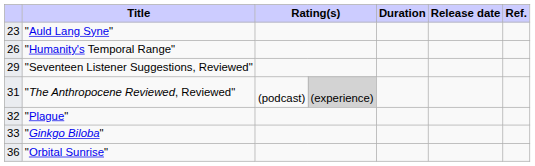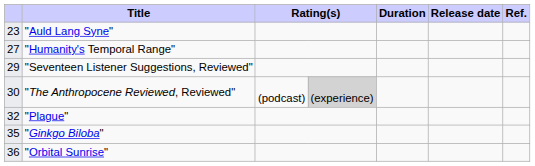 <table class="wikitable plainrowheaders" width="auto" style="text-align: center">
 <tr>
 <th style="background: #ccccff;"></th>
 <th style="background: #ccccff;">Title</th>
 <th style="background: #ccccff;" colspan="2">Rating(s)</th>
 <th style="background: #ccccff;">Duration</th>
 <th style="background: #ccccff;">Release date</th>
 <th style="background: #ccccff;">Ref.<br>                      </th>
 </tr>
 <tr>
 <td style="background: #EAECF0;">23</td>
 <td style="text-align: left">"<a href='#'>Auld Lang Syne</a>"</td>
 <td colspan="2"></td>
 <td></td>
 <td></td>
 <td><br> </td>
 </tr>
 <tr>
-<td style="background: #EAECF0;">26</td>
+<td style="background: #EAECF0;">27</td>
 <td style="text-align: left">"<a href='#'>Humanity's</a> Temporal Range"</td>
 <td colspan="2"></td>
 <td></td>
 <td></td>
 <td><br> </td>
 </tr>
 <tr>
 <td style="background: #EAECF0;">29</td>
 <td style="text-align: left ">"Seventeen Listener Suggestions, Reviewed"</td>
 <td colspan="2"></td>
 <td></td>
 <td></td>
 <td><br></td>
 </tr>
 <tr>
-<td style="background: #EAECF0;">31</td>
+<td style="background: #EAECF0;">30</td>
 <td style="text-align: left">"<em>The Anthropocene Reviewed</em>, Reviewed"</td>
 <td><br>(podcast)</td>
 <td style="background: lightgrey;"><br>(experience)</td>
 <td></td>
 <td></td>
 <td></td>
 </tr>
 <tr>
 <td style="background: #EAECF0;">32</td>
 <td style="text-align: left">"<a href='#'>Plague</a>"</td>
 <td colspan="2"></td>
 <td></td>
 <td></td>
 <td><br> </td>
 </tr>
 <tr>
-<td style="background: #EAECF0;">33</td>
+<td style="background: #EAECF0;">35</td>
 <td style="text-align: left">"<em><a href='#'>Ginkgo Biloba</a></em>"</td>
 <td colspan="2"></td>
 <td></td>
 <td></td>
 <td></td>
 </tr>
 <tr>
 <td style="background: #EAECF0;">36</td>
 <td style="text-align: left">"<a href='#'>Orbital Sunrise</a>"</td>
 <td colspan="2"></td>
 <td></td>
 <td></td>
 <td></td>
 </tr>
 </table>
